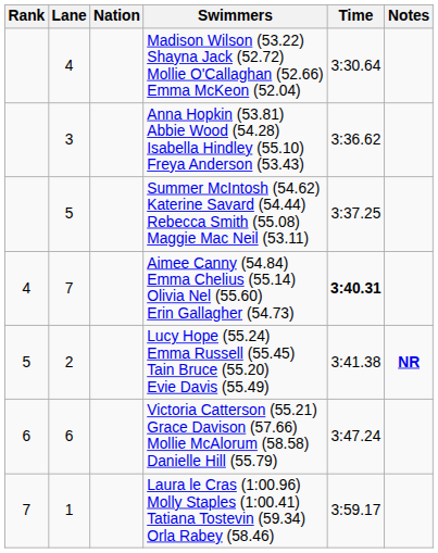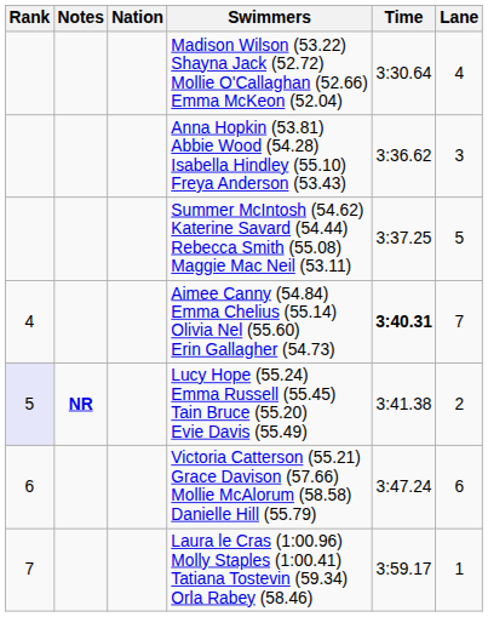 <table class="wikitable sortable" style="text-align:center">
 <tr>
 <th>Rank</th>
-<th>Lane</th>
+<th>Notes</th>
 <th>Nation</th>
 <th>Swimmers</th>
 <th>Time</th>
-<th>Notes</th>
+<th>Lane</th>
 </tr>
 <tr>
 <td></td>
-<td>4</td>
+<td></td>
 <td align=left></td>
 <td align="left"><a href='#'>Madison Wilson</a> (53.22)<br><a href='#'>Shayna Jack</a> (52.72)<br><a href='#'>Mollie O'Callaghan</a> (52.66)<br><a href='#'>Emma McKeon</a> (52.04)</td>
 <td>3:30.64</td>
-<td></td>
+<td>4</td>
 </tr>
 <tr>
 <td></td>
-<td>3</td>
+<td></td>
 <td align=left></td>
 <td align="left"><a href='#'>Anna Hopkin</a> (53.81)<br><a href='#'>Abbie Wood</a> (54.28)<br><a href='#'>Isabella Hindley</a> (55.10)<br><a href='#'>Freya Anderson</a> (53.43)</td>
 <td>3:36.62</td>
-<td></td>
+<td>3</td>
 </tr>
 <tr>
 <td></td>
-<td>5</td>
+<td></td>
 <td align=left></td>
 <td align="left"><a href='#'>Summer McIntosh</a> (54.62)<br><a href='#'>Katerine Savard</a> (54.44)<br><a href='#'>Rebecca Smith</a> (55.08)<br><a href='#'>Maggie Mac Neil</a> (53.11)</td>
 <td>3:37.25</td>
-<td></td>
+<td>5</td>
 </tr>
 <tr>
 <td>4</td>
-<td>7</td>
+<td></td>
 <td align=left></td>
 <td align="left"><a href='#'>Aimee Canny</a> (54.84)<br><a href='#'>Emma Chelius</a> (55.14)<br><a href='#'>Olivia Nel</a> (55.60)<br><a href='#'>Erin Gallagher</a> (54.73)</td>
 <td><strong>3:40.31</strong></td>
-<td></td>
+<td>7</td>
 </tr>
 <tr>
-<td>5</td>
-<td>2</td>
+<td style="background: lavender;">5</td>
+<td><strong><a href='#'>NR</a></strong></td>
 <td align=left></td>
 <td align="left"><a href='#'>Lucy Hope</a> (55.24)<br><a href='#'>Emma Russell</a> (55.45)<br><a href='#'>Tain Bruce</a> (55.20)<br><a href='#'>Evie Davis</a> (55.49)</td>
 <td>3:41.38</td>
-<td><strong><a href='#'>NR</a></strong></td>
+<td>2</td>
 </tr>
 <tr>
 <td>6</td>
-<td>6</td>
+<td></td>
 <td align=left></td>
 <td align="left"><a href='#'>Victoria Catterson</a> (55.21)<br><a href='#'>Grace Davison</a> (57.66)<br><a href='#'>Mollie McAlorum</a> (58.58)<br><a href='#'>Danielle Hill</a> (55.79)</td>
 <td>3:47.24</td>
-<td></td>
+<td>6</td>
 </tr>
 <tr>
 <td>7</td>
-<td>1</td>
+<td></td>
 <td align=left></td>
 <td align="left"><a href='#'>Laura le Cras</a> (1:00.96)<br><a href='#'>Molly Staples</a> (1:00.41)<br><a href='#'>Tatiana Tostevin</a> (59.34)<br><a href='#'>Orla Rabey</a> (58.46)</td>
 <td>3:59.17</td>
-<td></td>
+<td>1</td>
 </tr>
 </table>
